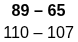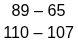 <table style="text-align:center;">
 <tr>
 <th width=200></th>
 <th width=100></th>
 <th width=200></th>
 <th></th>
 </tr>
 <tr>
 <td align=right><strong></strong></td>
-<td><strong>89 – 65</strong></td>
+<td>89 – 65</td>
 <td align=left></td>
 </tr>
 <tr>
 <td align=right><strong></strong></td>
 <td>110 – 107</td>
 <td align=left></td>
 </tr>
 </table>
